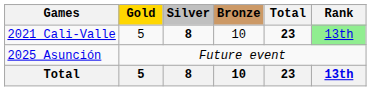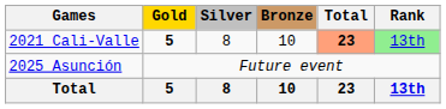 <table class="wikitable" style="text-align:center; font-size:90%;">
 <tr>
 <th>Games</th>
 <td style="background:gold; width:3.2em; font-weight:bold;">Gold</td>
 <td style="background:silver; width:3.7em; font-weight:bold;">Silver</td>
 <td style="background:#c96; width:3.7em; font-weight:bold;">Bronze</td>
 <th style="width:3.5em; font-weight:bold;">Total</th>
 <th style="width:4em; font-weight:bold;">Rank</th>
 </tr>
 <tr>
 <td align=left> <a href='#'>2021 Cali-Valle</a></td>
-<td>5</td>
-<td><strong>8</strong></td>
+<td><strong>5</strong></td>
+<td>8</td>
 <td>10</td>
-<td><strong>23</strong></td>
+<td style="background: lightsalmon;"><strong>23</strong></td>
 <td style="background: lightgreen;"><a href='#'>13th</a></td>
 </tr>
 <tr>
 <td align=left> <a href='#'>2025 Asunción</a></td>
 <td colspan="5"><em>Future event</em></td>
 </tr>
 <tr>
 <th>Total</th>
 <th>5</th>
 <th>8</th>
 <th>10</th>
 <th>23</th>
 <th><a href='#'>13th</a></th>
 </tr>
 </table>
